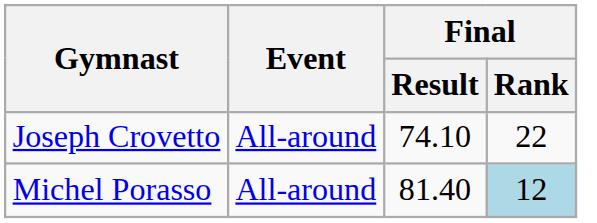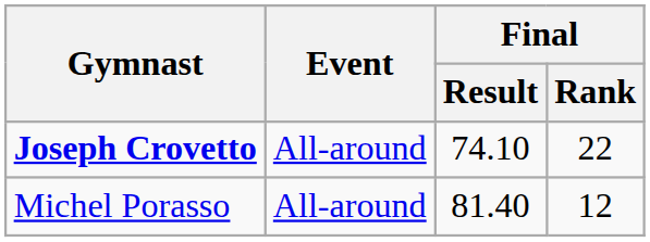 <table class=wikitable style="font-size:90%">
 <tr>
 <th rowspan=2>Gymnast</th>
 <th rowspan=2>Event</th>
 <th colspan=2>Final</th>
 </tr>
 <tr>
 <th>Result</th>
 <th>Rank</th>
 </tr>
 <tr>
-<td><a href='#'>Joseph Crovetto</a></td>
+<td><strong><a href='#'>Joseph Crovetto</a></strong></td>
 <td><a href='#'>All-around</a></td>
 <td align=center>74.10</td>
 <td align=center>22</td>
 </tr>
 <tr>
 <td><a href='#'>Michel Porasso</a></td>
 <td><a href='#'>All-around</a></td>
 <td align=center>81.40</td>
-<td align=center style="background: lightblue;">12</td>
+<td align=center>12</td>
 </tr>
 </table>
